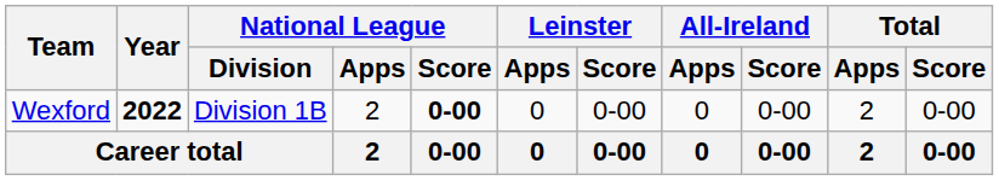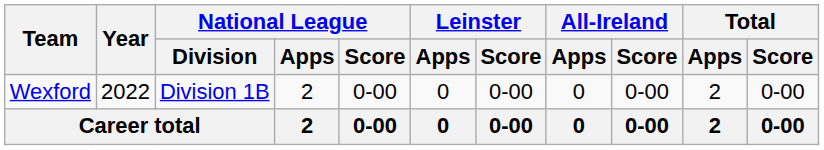 <table class="wikitable" style="text-align:center">
 <tr>
 <th rowspan="2">Team</th>
 <th rowspan="2">Year</th>
 <th colspan="3"><a href='#'>National League</a></th>
 <th colspan="2"><a href='#'>Leinster</a></th>
 <th colspan="2"><a href='#'>All-Ireland</a></th>
 <th colspan="2">Total</th>
 </tr>
 <tr>
 <th>Division</th>
 <th>Apps</th>
 <th>Score</th>
 <th>Apps</th>
 <th>Score</th>
 <th>Apps</th>
 <th>Score</th>
 <th>Apps</th>
 <th>Score</th>
 </tr>
 <tr>
 <td rowspan="1"><a href='#'>Wexford</a></td>
-<td><strong>2022</strong></td>
+<td>2022</td>
 <td rowspan="1"><a href='#'>Division 1B</a></td>
 <td>2</td>
-<td><strong>0-00</strong></td>
+<td>0-00</td>
 <td>0</td>
 <td>0-00</td>
 <td>0</td>
 <td>0-00</td>
 <td>2</td>
 <td>0-00</td>
 </tr>
 <tr>
 <th colspan="3">Career total</th>
 <th>2</th>
 <th>0-00</th>
 <th>0</th>
 <th>0-00</th>
 <th>0</th>
 <th>0-00</th>
 <th>2</th>
 <th>0-00</th>
 </tr>
 </table>
